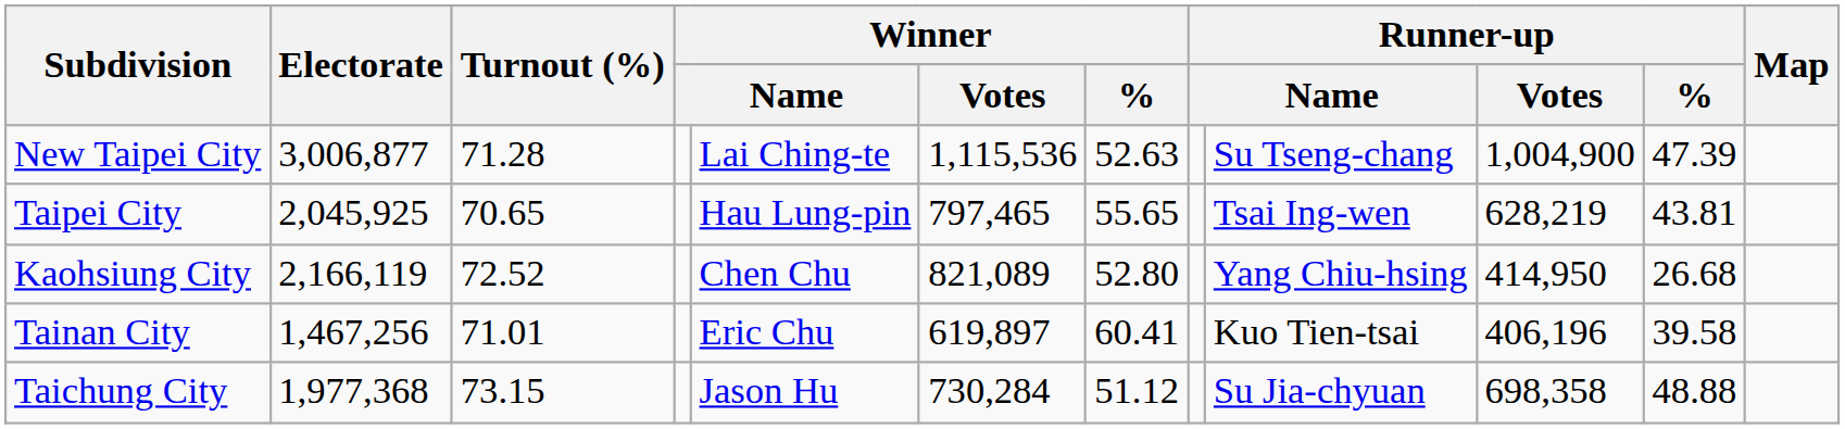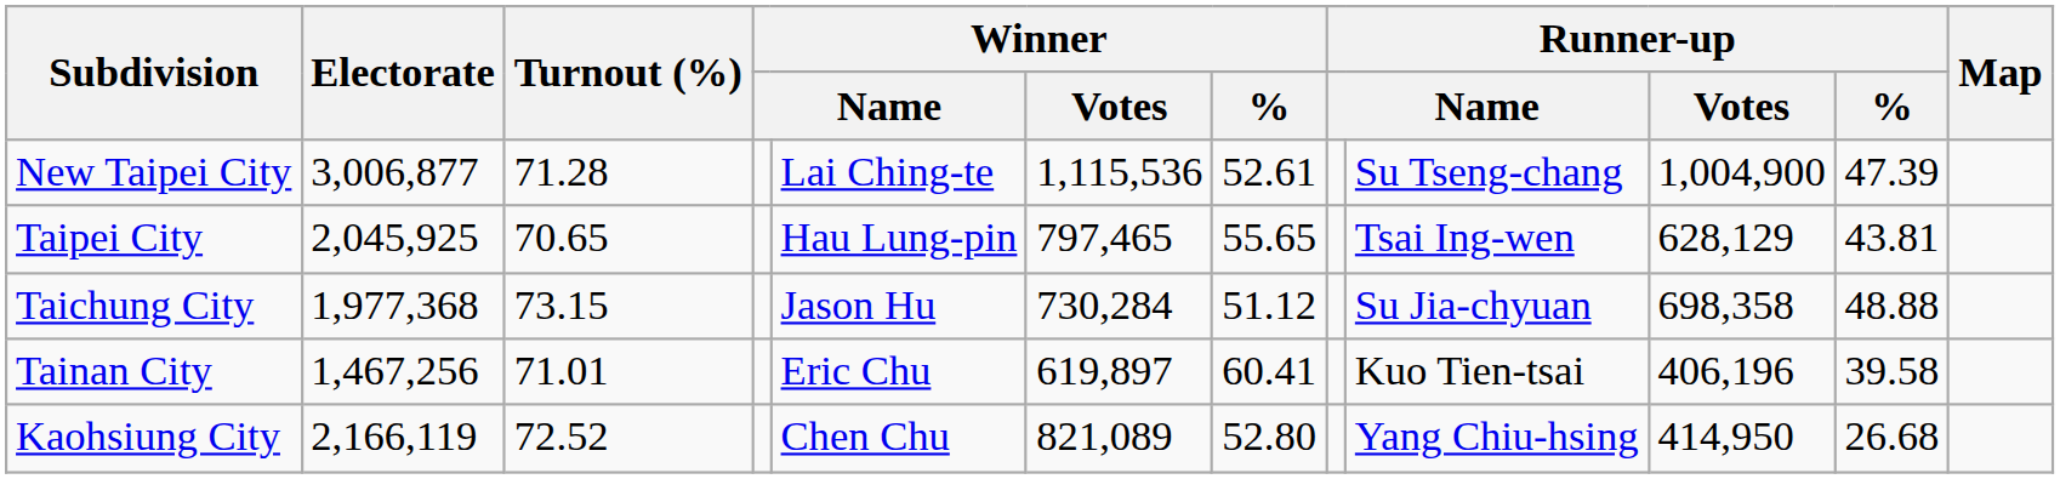 <table class="wikitable sortable">
 <tr>
 <th rowspan="2">Subdivision</th>
 <th rowspan="2">Electorate</th>
 <th rowspan="2">Turnout (%)</th>
 <th colspan="4">Winner</th>
 <th colspan="4">Runner-up</th>
 <th rowspan="2">Map</th>
 </tr>
 <tr>
 <th colspan="2">Name</th>
 <th>Votes</th>
 <th>%</th>
 <th colspan="2">Name</th>
 <th>Votes</th>
 <th>%</th>
 </tr>
 <tr>
 <td><a href='#'>New Taipei City</a></td>
 <td>3,006,877</td>
 <td>71.28</td>
 <td style="background-color:"></td>
 <td><a href='#'>Lai Ching-te</a></td>
 <td>1,115,536</td>
-<td>52.63</td>
+<td>52.61</td>
 <td style="background-color:"></td>
 <td><a href='#'>Su Tseng-chang</a></td>
 <td>1,004,900</td>
 <td>47.39</td>
 <td></td>
 </tr>
 <tr>
 <td><a href='#'>Taipei City</a></td>
 <td>2,045,925</td>
 <td>70.65</td>
 <td style="background-color:"></td>
 <td><a href='#'>Hau Lung-pin</a></td>
 <td>797,465</td>
 <td>55.65</td>
 <td style="background-color:"></td>
 <td><a href='#'>Tsai Ing-wen</a></td>
-<td>628,219</td>
+<td>628,129</td>
 <td>43.81</td>
 <td></td>
 </tr>
 <tr>
-<td><a href='#'>Kaohsiung City</a></td>
-<td>2,166,119</td>
-<td>72.52</td>
+<td><a href='#'>Taichung City</a></td>
+<td>1,977,368</td>
+<td>73.15</td>
 <td style="background-color:"></td>
-<td><a href='#'>Chen Chu</a></td>
-<td>821,089</td>
-<td>52.80</td>
+<td><a href='#'>Jason Hu</a></td>
+<td>730,284</td>
+<td>51.12</td>
 <td style="background-color:"></td>
-<td><a href='#'>Yang Chiu-hsing</a></td>
-<td>414,950</td>
-<td>26.68</td>
+<td><a href='#'>Su Jia-chyuan</a></td>
+<td>698,358</td>
+<td>48.88</td>
 <td></td>
 </tr>
 <tr>
 <td><a href='#'>Tainan City</a></td>
 <td>1,467,256</td>
 <td>71.01</td>
 <td style="background-color:"></td>
 <td><a href='#'>Eric Chu</a></td>
 <td>619,897</td>
 <td>60.41</td>
 <td style="background-color:"></td>
 <td>Kuo Tien-tsai</td>
 <td>406,196</td>
 <td>39.58</td>
 <td></td>
 </tr>
 <tr>
-<td><a href='#'>Taichung City</a></td>
-<td>1,977,368</td>
-<td>73.15</td>
+<td><a href='#'>Kaohsiung City</a></td>
+<td>2,166,119</td>
+<td>72.52</td>
 <td style="background-color:"></td>
-<td><a href='#'>Jason Hu</a></td>
-<td>730,284</td>
-<td>51.12</td>
+<td><a href='#'>Chen Chu</a></td>
+<td>821,089</td>
+<td>52.80</td>
 <td style="background-color:"></td>
-<td><a href='#'>Su Jia-chyuan</a></td>
-<td>698,358</td>
-<td>48.88</td>
+<td><a href='#'>Yang Chiu-hsing</a></td>
+<td>414,950</td>
+<td>26.68</td>
 <td></td>
 </tr>
 </table>
